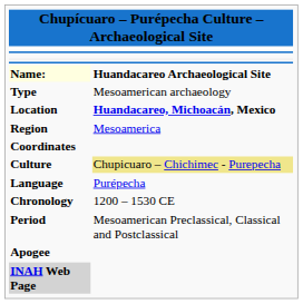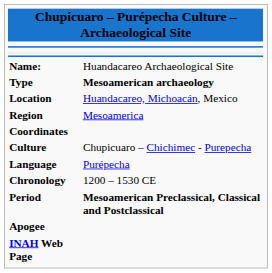 <table class="infobox" style="font-size:90%; text-align:left; width:23.5em">
 <tr>
 <td colspan="3" bgcolor=#1874CD style="text-align: center; font-size: larger;"><span><strong>Chupícuaro – Purépecha Culture – Archaeological Site</strong></span></td>
 </tr>
 <tr style="vertical-align: top; text-align: center;">
 <td colspan=3 bgcolor="#FFFFFF" align="center"></td>
 </tr>
 <tr>
 <td colspan="2" bgcolor=#1874CD></td>
 </tr>
 <tr>
 <td colspan=2></td>
 </tr>
 <tr>
 <td style="background:#efefef;"align="center" colspan="2"></td>
 </tr>
 <tr>
 <td colspan="2" bgcolor=#1874CD></td>
 </tr>
 <tr>
-<td style="background: lightyellow;"><strong>Name:</strong></td>
-<td><strong><span> Huandacareo Archaeological Site</span></strong></td>
+<td><strong>Name:</strong></td>
+<td><span> Huandacareo Archaeological Site</span></td>
 </tr>
 <tr>
 <td><strong>Type</strong></td>
-<td>Mesoamerican archaeology</td>
+<td><strong>Mesoamerican archaeology</strong></td>
 </tr>
 <tr>
 <td><strong>Location</strong></td>
-<td><strong> <a href='#'>Huandacareo, Michoacán</a>, Mexico</strong></td>
+<td> <a href='#'>Huandacareo, Michoacán</a>, Mexico</td>
 </tr>
 <tr>
 <td><strong>Region</strong></td>
 <td><a href='#'>Mesoamerica</a></td>
 </tr>
 <tr>
 <td><strong>Coordinates</strong></td>
 <td></td>
 </tr>
 <tr>
 <td><strong>Culture</strong></td>
-<td style="background: khaki;">Chupicuaro – <a href='#'>Chichimec</a> - <a href='#'>Purepecha</a></td>
+<td>Chupicuaro – <a href='#'>Chichimec</a> - <a href='#'>Purepecha</a></td>
 </tr>
 <tr>
 <td><strong>Language</strong></td>
 <td><a href='#'>Purépecha</a></td>
 </tr>
 <tr>
 <td><strong>Chronology</strong></td>
 <td>1200 – 1530 CE</td>
 </tr>
 <tr>
 <td><strong>Period</strong></td>
-<td>Mesoamerican Preclassical, Classical and Postclassical</td>
+<td><strong>Mesoamerican Preclassical, Classical and Postclassical</strong></td>
 </tr>
 <tr>
 <td><strong>Apogee</strong></td>
 <td></td>
 </tr>
 <tr>
-<td style="background: lightgrey;"><strong><a href='#'>INAH</a> Web Page</strong></td>
+<td><strong><a href='#'>INAH</a> Web Page</strong></td>
 <td> </td>
 </tr>
 </table>
